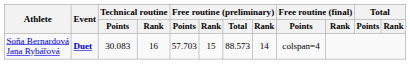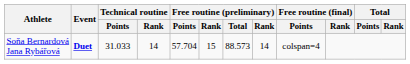 <table class=wikitable style=font-size:90%;text-align:center>
 <tr>
 <th rowspan=2>Athlete</th>
 <th rowspan=2>Event</th>
 <th colspan=2>Technical routine</th>
 <th colspan=4>Free routine (preliminary)</th>
 <th colspan=2>Free routine (final)</th>
 <th colspan=2>Total</th>
 </tr>
 <tr style=font-size:95%>
 <th>Points</th>
 <th>Rank</th>
 <th>Points</th>
 <th>Rank</th>
 <th>Total</th>
 <th>Rank</th>
 <th>Points</th>
 <th>Rank</th>
 <th>Points</th>
 <th>Rank</th>
 </tr>
 <tr>
 <td align=left><a href='#'>Soňa Bernardová</a><br><a href='#'>Jana Rybářová</a></td>
 <td align=left><strong><a href='#'>Duet</a></strong></td>
-<td>30.083</td>
-<td>16</td>
-<td>57.703</td>
+<td>31.033</td>
+<td>14</td>
+<td>57.704</td>
 <td>15</td>
 <td>88.573</td>
 <td>14</td>
 <td>colspan=4 </td>
 </tr>
 </table>
